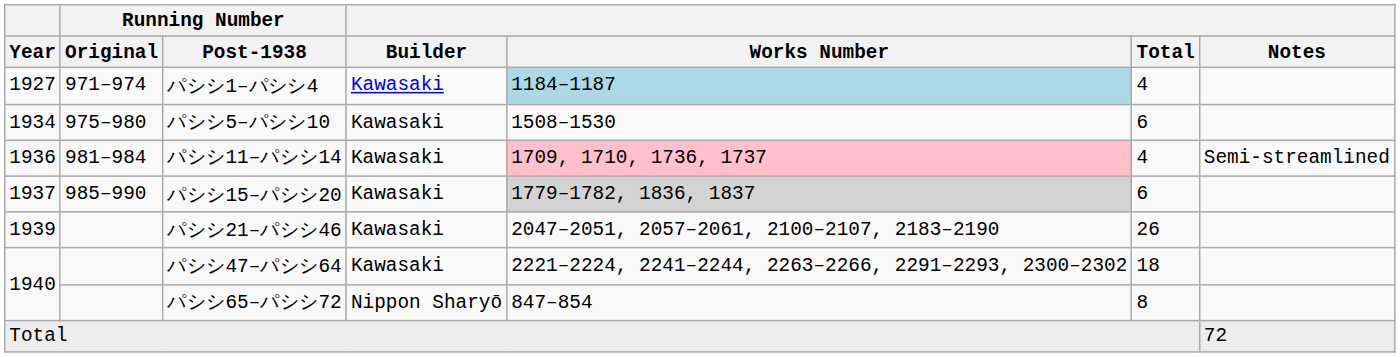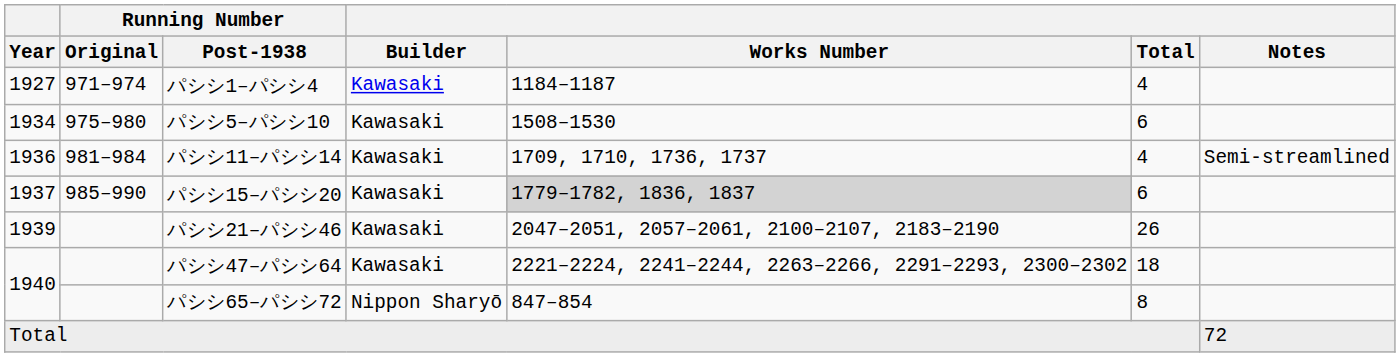 <table class="wikitable">
 <tr>
 <th></th>
 <th colspan="2">Running Number</th>
 <th colspan="4"></th>
 </tr>
 <tr>
 <th>Year</th>
 <th>Original</th>
 <th>Post-1938</th>
 <th>Builder</th>
 <th>Works Number</th>
 <th>Total</th>
 <th>Notes</th>
 </tr>
 <tr>
 <td>1927</td>
 <td>971–974</td>
 <td>パシシ1–パシシ4</td>
 <td><a href='#'>Kawasaki</a></td>
-<td style="background: lightblue;">1184–1187</td>
+<td>1184–1187</td>
 <td>4</td>
 <td></td>
 </tr>
 <tr>
 <td>1934</td>
 <td>975–980</td>
 <td>パシシ5–パシシ10</td>
 <td>Kawasaki</td>
 <td>1508–1530</td>
 <td>6</td>
 <td></td>
 </tr>
 <tr>
 <td>1936</td>
 <td>981–984</td>
 <td>パシシ11–パシシ14</td>
 <td>Kawasaki</td>
-<td style="background: pink;">1709, 1710, 1736, 1737</td>
+<td>1709, 1710, 1736, 1737</td>
 <td>4</td>
 <td>Semi-streamlined</td>
 </tr>
 <tr>
 <td>1937</td>
 <td>985–990</td>
 <td>パシシ15–パシシ20</td>
 <td>Kawasaki</td>
 <td style="background: lightgrey;">1779–1782, 1836, 1837</td>
 <td>6</td>
 <td></td>
 </tr>
 <tr>
 <td>1939</td>
 <td></td>
 <td>パシシ21–パシシ46</td>
 <td>Kawasaki</td>
 <td>2047–2051, 2057–2061, 2100–2107, 2183–2190</td>
 <td>26</td>
 <td></td>
 </tr>
 <tr>
 <td rowspan="2">1940</td>
 <td></td>
 <td>パシシ47–パシシ64</td>
 <td>Kawasaki</td>
 <td>2221–2224, 2241–2244, 2263–2266, 2291–2293, 2300–2302</td>
 <td>18</td>
 <td></td>
 </tr>
 <tr>
 <td></td>
 <td>パシシ65–パシシ72</td>
 <td>Nippon Sharyō</td>
 <td>847–854</td>
 <td>8</td>
 <td></td>
 </tr>
 <tr>
 <td bgcolor=#ededed colspan="6">Total</td>
 <td bgcolor=#ededed>72</td>
 </tr>
 </table>
